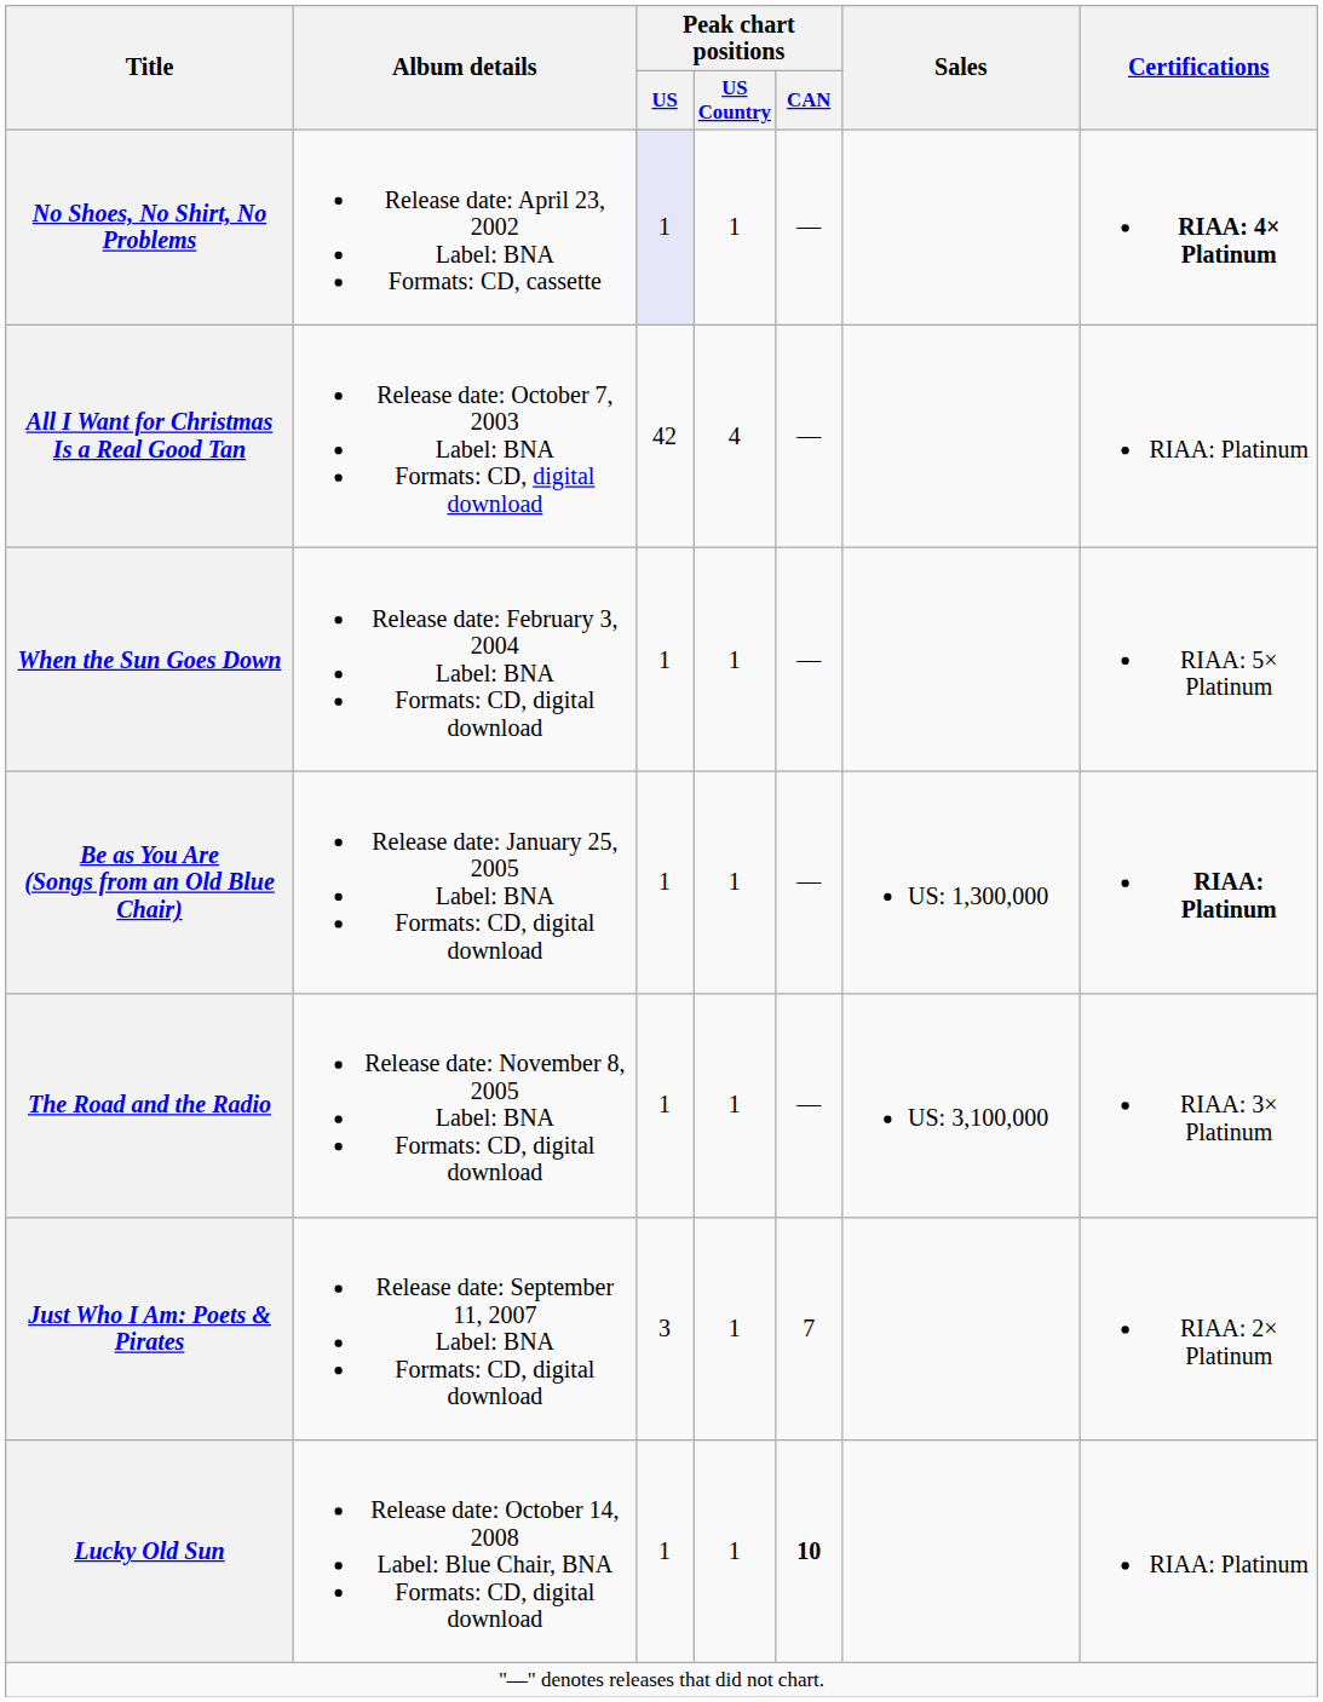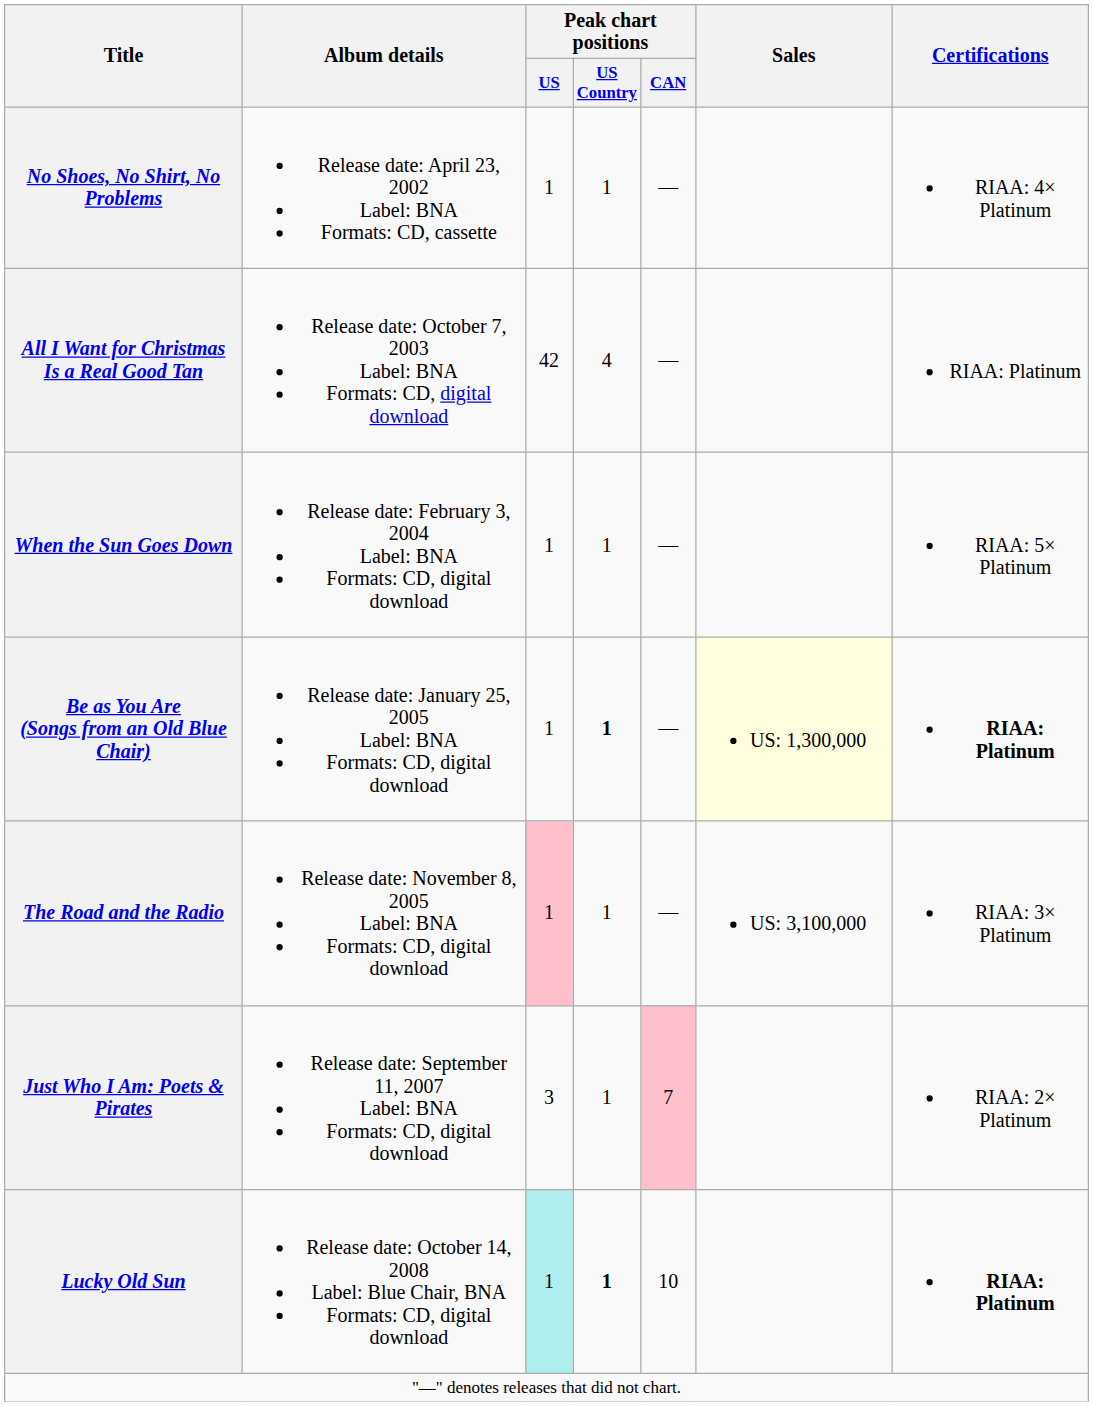 <table class="wikitable plainrowheaders" style="text-align:center;">
 <tr>
 <th scope="col" rowspan="2" style="width:18em;">Title</th>
 <th scope="col" rowspan="2" style="width:20em;">Album details</th>
 <th scope="col" colspan="3">Peak chart positions</th>
 <th scope="col" rowspan="2" style="width:12em;">Sales</th>
 <th scope="col" rowspan="2" style="width:12em;"><a href='#'>Certifications</a><br></th>
 </tr>
 <tr style="font-size:smaller;">
 <th scope="col" width="45"><a href='#'>US</a><br></th>
 <th scope="col" width="45"><a href='#'>US Country</a><br></th>
 <th scope="col" width="45"><a href='#'>CAN</a><br></th>
 </tr>
 <tr>
 <th scope="row"><em><a href='#'>No Shoes, No Shirt, No Problems</a></em></th>
 <td><br><ul><li>Release date: April 23, 2002</li><li>Label: BNA</li><li>Formats: CD, cassette</li></ul></td>
-<td style="background: lavender;">1</td>
+<td>1</td>
 <td>1</td>
 <td>—</td>
 <td align="left"></td>
-<td><strong><br><ul><li>RIAA: 4× Platinum</li></ul></strong></td>
+<td><br><ul><li>RIAA: 4× Platinum</li></ul></td>
 </tr>
 <tr>
 <th scope="row"><em><a href='#'>All I Want for Christmas<br>Is a Real Good Tan</a></em></th>
 <td><br><ul><li>Release date: October 7, 2003</li><li>Label: BNA</li><li>Formats: CD, <a href='#'>digital download</a></li></ul></td>
 <td>42</td>
 <td>4</td>
 <td>—</td>
 <td align="left"></td>
 <td><br><ul><li>RIAA: Platinum</li></ul></td>
 </tr>
 <tr>
 <th scope="row"><em><a href='#'>When the Sun Goes Down</a></em></th>
 <td><br><ul><li>Release date: February 3, 2004</li><li>Label: BNA</li><li>Formats: CD, digital download</li></ul></td>
 <td>1</td>
 <td>1</td>
 <td>—</td>
 <td align="left"></td>
 <td><br><ul><li>RIAA: 5× Platinum</li></ul></td>
 </tr>
 <tr>
 <th scope="row"><em><a href='#'>Be as You Are<br>(Songs from an Old Blue Chair)</a></em></th>
 <td><br><ul><li>Release date: January 25, 2005</li><li>Label: BNA</li><li>Formats: CD, digital download</li></ul></td>
 <td>1</td>
-<td>1</td>
+<td><strong>1</strong></td>
 <td>—</td>
-<td align="left"><br><ul><li>US: 1,300,000</li></ul></td>
+<td align="left" style="background: lightyellow;"><br><ul><li>US: 1,300,000</li></ul></td>
 <td><strong><br><ul><li>RIAA: Platinum</li></ul></strong></td>
 </tr>
 <tr>
 <th scope="row"><em><a href='#'>The Road and the Radio</a></em></th>
 <td><br><ul><li>Release date: November 8, 2005</li><li>Label: BNA</li><li>Formats: CD, digital download</li></ul></td>
-<td>1</td>
+<td style="background: pink;">1</td>
 <td>1</td>
 <td>—</td>
 <td align="left"><br><ul><li>US: 3,100,000</li></ul></td>
 <td><br><ul><li>RIAA: 3× Platinum</li></ul></td>
 </tr>
 <tr>
 <th scope="row"><em><a href='#'>Just Who I Am: Poets & Pirates</a></em></th>
 <td><br><ul><li>Release date: September 11, 2007</li><li>Label: BNA</li><li>Formats: CD, digital download</li></ul></td>
 <td>3</td>
 <td>1</td>
-<td>7</td>
+<td style="background: pink;">7</td>
 <td align="left"></td>
 <td><br><ul><li>RIAA: 2× Platinum</li></ul></td>
 </tr>
 <tr>
 <th scope="row"><em><a href='#'>Lucky Old Sun</a></em></th>
 <td><br><ul><li>Release date: October 14, 2008</li><li>Label: Blue Chair, BNA</li><li>Formats: CD, digital download</li></ul></td>
-<td>1</td>
-<td>1</td>
-<td><strong>10</strong></td>
+<td style="background: paleturquoise;">1</td>
+<td><strong>1</strong></td>
+<td>10</td>
 <td align="left"></td>
-<td><br><ul><li>RIAA: Platinum</li></ul></td>
+<td><strong><br><ul><li>RIAA: Platinum</li></ul></strong></td>
 </tr>
 <tr>
 <td colspan="7" style="font-size:85%">"—" denotes releases that did not chart.</td>
 </tr>
 </table>
